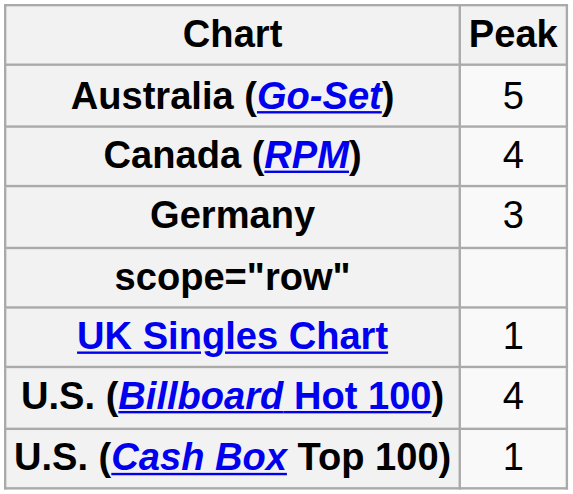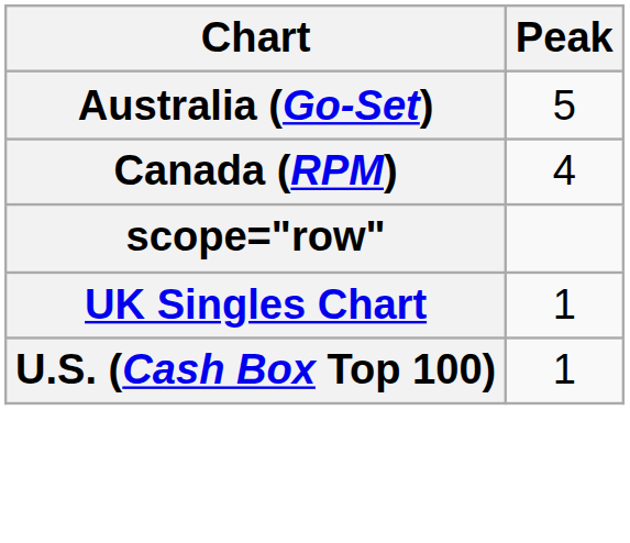 <table class="wikitable sortable plainrowheaders" style="text-align:center;">
 <tr>
 <th scope="col">Chart</th>
 <th scope="col">Peak</th>
 </tr>
 <tr>
 <th scope="row">Australia (<em><a href='#'>Go-Set</a></em>)</th>
 <td>5</td>
 </tr>
 <tr>
 <th scope="row">Canada (<a href='#'><em>RPM</em></a>)</th>
 <td>4</td>
 </tr>
 <tr>
-<th scope="row">Germany</th>
-<td>3</td>
-</tr>
-<tr>
 <th>scope="row" </th>
 </tr>
 <tr>
 <th scope="row"><a href='#'>UK Singles Chart</a></th>
 <td>1</td>
 </tr>
 <tr>
-<th scope="row">U.S. (<a href='#'><em>Billboard</em> Hot 100</a>)</th>
-<td>4</td>
-</tr>
-<tr>
 <th scope="row">U.S. (<a href='#'><em>Cash Box</em></a> Top 100)</th>
 <td>1</td>
 </tr>
 </table>
